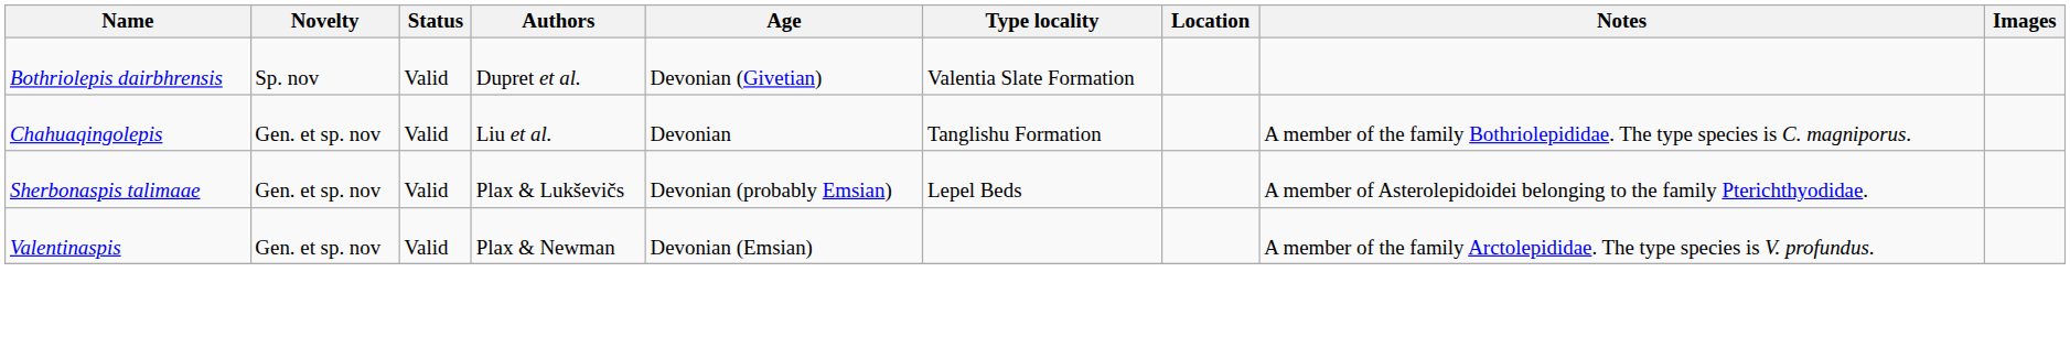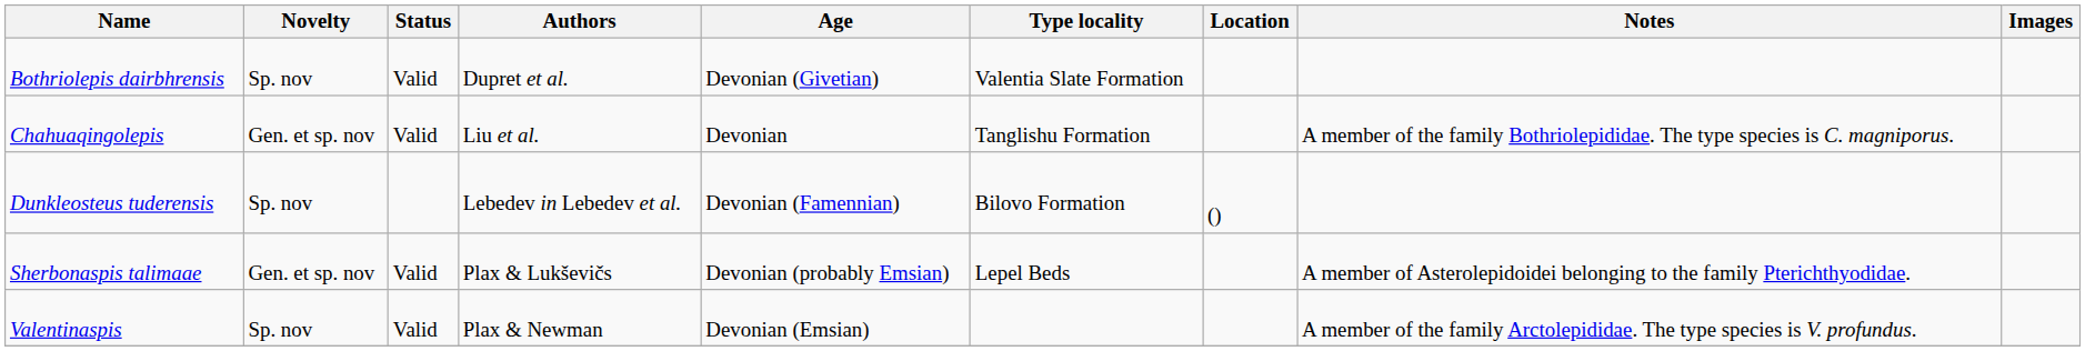 <table class="wikitable sortable" align="center" width="100%">
 <tr>
 <th>Name</th>
 <th>Novelty</th>
 <th>Status</th>
 <th>Authors</th>
 <th>Age</th>
 <th>Type locality</th>
 <th>Location</th>
 <th>Notes</th>
 <th>Images</th>
 </tr>
 <tr>
 <td><br><em><a href='#'>Bothriolepis dairbhrensis</a></em></td>
 <td><br>Sp. nov</td>
 <td><br>Valid</td>
 <td><br>Dupret <em>et al.</em></td>
 <td><br>Devonian (<a href='#'>Givetian</a>)</td>
 <td><br>Valentia Slate Formation</td>
 <td><br></td>
 <td></td>
 <td></td>
 </tr>
 <tr>
 <td><br><em><a href='#'>Chahuaqingolepis</a></em></td>
 <td><br>Gen. et sp. nov</td>
 <td><br>Valid</td>
 <td><br>Liu <em>et al.</em></td>
 <td><br>Devonian</td>
 <td><br>Tanglishu Formation</td>
 <td><br></td>
 <td><br>A member of the family <a href='#'>Bothriolepididae</a>. The type species is <em>C. magniporus</em>.</td>
 <td></td>
 </tr>
 <tr>
+<td><br><em><a href='#'>Dunkleosteus tuderensis</a></em></td>
+<td><br>Sp. nov</td>
+<td></td>
+<td><br>Lebedev <em>in</em> Lebedev <em>et al.</em></td>
+<td><br>Devonian (<a href='#'>Famennian</a>)</td>
+<td><br>Bilovo Formation</td>
+<td><br><br>()</td>
+<td></td>
+<td></td>
+</tr>
+<tr>
 <td><br><em><a href='#'>Sherbonaspis talimaae</a></em></td>
 <td><br>Gen. et sp. nov</td>
 <td><br>Valid</td>
 <td><br>Plax & Lukševičs</td>
 <td><br>Devonian (probably <a href='#'>Emsian</a>)</td>
 <td><br>Lepel Beds</td>
 <td><br></td>
 <td><br>A member of Asterolepidoidei belonging to the family <a href='#'>Pterichthyodidae</a>.</td>
 <td></td>
 </tr>
 <tr>
 <td><br><em><a href='#'>Valentinaspis</a></em></td>
-<td><br>Gen. et sp. nov</td>
+<td><br>Sp. nov</td>
 <td><br>Valid</td>
 <td><br>Plax & Newman</td>
 <td><br>Devonian (Emsian)</td>
 <td></td>
 <td><br><br> </td>
 <td><br>A member of the family <a href='#'>Arctolepididae</a>. The type species is <em>V. profundus</em>.</td>
 <td></td>
 </tr>
 <tr>
 </tr>
 </table>
